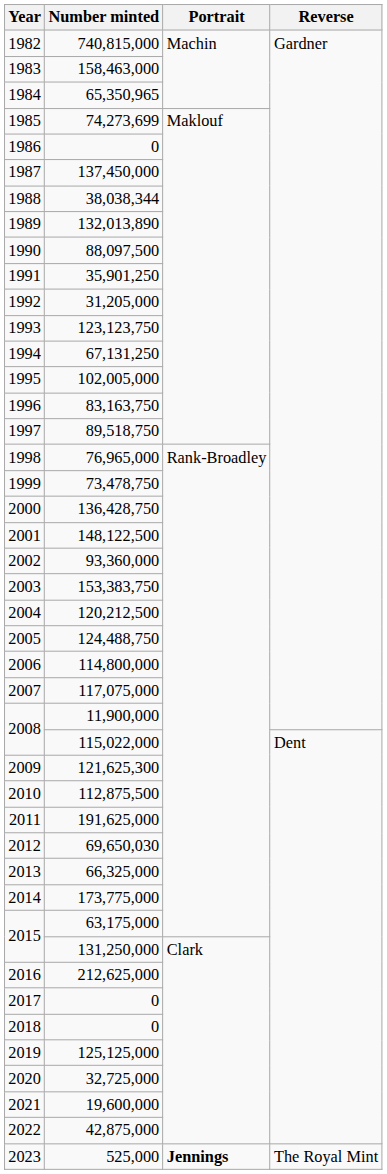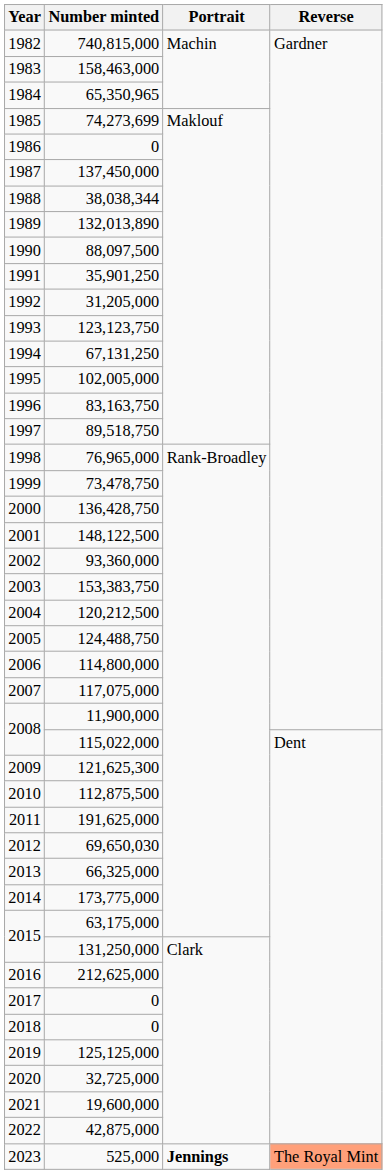 <table class="wikitable sortable" style="text-align: right;">
 <tr>
 <th>Year</th>
 <th>Number minted</th>
 <th>Portrait</th>
 <th>Reverse</th>
 </tr>
 <tr>
 <td>1982</td>
 <td>740,815,000</td>
 <td rowspan="3" style="text-align:left; vertical-align: top">Machin</td>
 <td rowspan="27" style="text-align:left; vertical-align: top">Gardner</td>
 </tr>
 <tr>
 <td>1983</td>
 <td>158,463,000</td>
 </tr>
 <tr>
 <td>1984</td>
 <td>65,350,965</td>
 </tr>
 <tr>
 <td>1985</td>
 <td>74,273,699</td>
 <td rowspan="13" style="text-align:left; vertical-align: top">Maklouf</td>
 </tr>
 <tr>
 <td>1986</td>
 <td>0</td>
 </tr>
 <tr>
 <td>1987</td>
 <td>137,450,000</td>
 </tr>
 <tr>
 <td>1988</td>
 <td>38,038,344</td>
 </tr>
 <tr>
 <td>1989</td>
 <td>132,013,890</td>
 </tr>
 <tr>
 <td>1990</td>
 <td>88,097,500</td>
 </tr>
 <tr>
 <td>1991</td>
 <td>35,901,250</td>
 </tr>
 <tr>
 <td>1992</td>
 <td>31,205,000</td>
 </tr>
 <tr>
 <td>1993</td>
 <td>123,123,750</td>
 </tr>
 <tr>
 <td>1994</td>
 <td>67,131,250</td>
 </tr>
 <tr>
 <td>1995</td>
 <td>102,005,000</td>
 </tr>
 <tr>
 <td>1996</td>
 <td>83,163,750</td>
 </tr>
 <tr>
 <td>1997</td>
 <td>89,518,750</td>
 </tr>
 <tr>
 <td>1998</td>
 <td>76,965,000</td>
 <td rowspan="19" style="text-align:left; vertical-align: top">Rank-Broadley</td>
 </tr>
 <tr>
 <td>1999</td>
 <td>73,478,750</td>
 </tr>
 <tr>
 <td>2000</td>
 <td>136,428,750</td>
 </tr>
 <tr>
 <td>2001</td>
 <td>148,122,500</td>
 </tr>
 <tr>
 <td>2002</td>
 <td>93,360,000</td>
 </tr>
 <tr>
 <td>2003</td>
 <td>153,383,750</td>
 </tr>
 <tr>
 <td>2004</td>
 <td>120,212,500</td>
 </tr>
 <tr>
 <td>2005</td>
 <td>124,488,750</td>
 </tr>
 <tr>
 <td>2006</td>
 <td>114,800,000</td>
 </tr>
 <tr>
 <td>2007</td>
 <td>117,075,000</td>
 </tr>
 <tr>
 <td rowspan="2">2008</td>
 <td>11,900,000</td>
 </tr>
 <tr>
 <td>115,022,000</td>
 <td rowspan="16" style="text-align:left; vertical-align: top">Dent</td>
 </tr>
 <tr>
 <td>2009</td>
 <td>121,625,300</td>
 </tr>
 <tr>
 <td>2010</td>
 <td>112,875,500</td>
 </tr>
 <tr>
 <td>2011</td>
 <td>191,625,000</td>
 </tr>
 <tr>
 <td>2012</td>
 <td>69,650,030</td>
 </tr>
 <tr>
 <td>2013</td>
 <td>66,325,000</td>
 </tr>
 <tr>
 <td>2014</td>
 <td>173,775,000</td>
 </tr>
 <tr>
 <td rowspan="2">2015</td>
 <td>63,175,000</td>
 </tr>
 <tr>
 <td>131,250,000</td>
 <td rowspan="8" style="text-align:left; vertical-align: top">Clark</td>
 </tr>
 <tr>
 <td>2016</td>
 <td>212,625,000</td>
 </tr>
 <tr>
 <td>2017</td>
 <td>0</td>
 </tr>
 <tr>
 <td>2018</td>
 <td>0</td>
 </tr>
 <tr>
 <td>2019</td>
 <td>125,125,000</td>
 </tr>
 <tr>
 <td>2020</td>
 <td>32,725,000</td>
 </tr>
 <tr>
 <td>2021</td>
 <td>19,600,000</td>
 </tr>
 <tr>
 <td>2022</td>
 <td>42,875,000</td>
 </tr>
 <tr>
 <td>2023</td>
 <td>525,000</td>
 <td style="text-align:left; vertical-align: top;"><strong>Jennings</strong></td>
-<td>The Royal Mint</td>
+<td style="background: lightsalmon;">The Royal Mint</td>
 </tr>
 </table>
